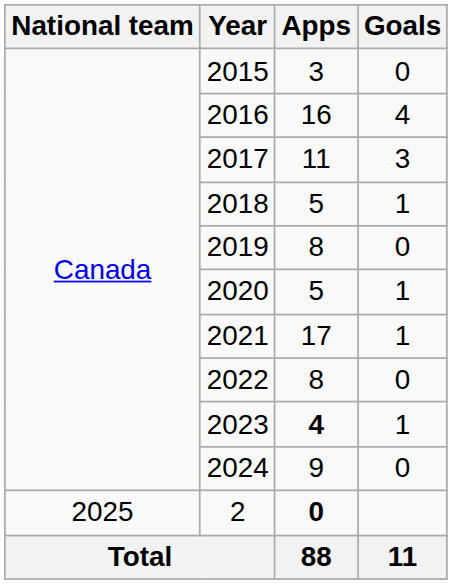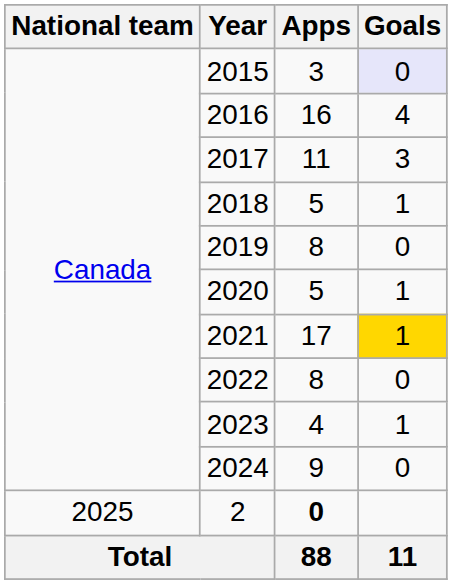 <table class="wikitable" style="text-align:center">
 <tr>
 <th>National team</th>
 <th>Year</th>
 <th>Apps</th>
 <th>Goals</th>
 </tr>
 <tr>
 <td rowspan="10"><a href='#'>Canada</a></td>
 <td>2015</td>
 <td>3</td>
-<td>0</td>
+<td style="background: lavender;">0</td>
 </tr>
 <tr>
 <td>2016</td>
 <td>16</td>
 <td>4</td>
 </tr>
 <tr>
 <td>2017</td>
 <td>11</td>
 <td>3</td>
 </tr>
 <tr>
 <td>2018</td>
 <td>5</td>
 <td>1</td>
 </tr>
 <tr>
 <td>2019</td>
 <td>8</td>
 <td>0</td>
 </tr>
 <tr>
 <td>2020</td>
 <td>5</td>
 <td>1</td>
 </tr>
 <tr>
 <td>2021</td>
 <td>17</td>
-<td>1</td>
+<td style="background: gold;">1</td>
 </tr>
 <tr>
 <td>2022</td>
 <td>8</td>
 <td>0</td>
 </tr>
 <tr>
 <td>2023</td>
-<td><strong>4</strong></td>
+<td>4</td>
 <td>1</td>
 </tr>
 <tr>
 <td>2024</td>
 <td>9</td>
 <td>0</td>
 </tr>
 <tr>
 <td>2025</td>
 <td>2</td>
 <td><strong>0</strong></td>
 </tr>
 <tr>
 <th colspan="2">Total</th>
 <th>88</th>
 <th>11</th>
 </tr>
 </table>
